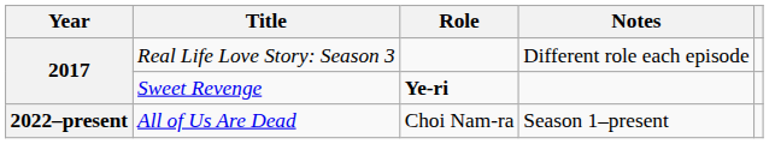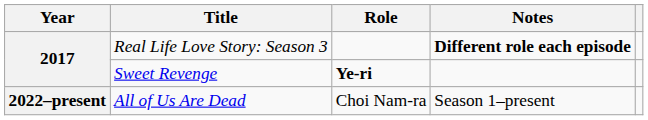 <table class="wikitable plainrowheaders sortable">
 <tr>
 <th scope="col">Year</th>
 <th scope="col">Title</th>
 <th scope="col">Role</th>
 <th scope="col" class="unsortable">Notes</th>
 <th scope="col" class="unsortable"></th>
 </tr>
 <tr>
 <th scope="row" rowspan="2">2017</th>
 <td><em>Real Life Love Story: Season 3</em></td>
 <td></td>
-<td>Different role each episode</td>
+<td><strong>Different role each episode</strong></td>
 <td style="text-align:center"></td>
 </tr>
 <tr>
 <td><em><a href='#'>Sweet Revenge</a></em></td>
 <td><strong>Ye-ri</strong></td>
 <td></td>
 <td style="text-align:center"></td>
 </tr>
 <tr>
 <th scope="row">2022–present</th>
 <td><em><a href='#'>All of Us Are Dead</a></em></td>
 <td>Choi Nam-ra</td>
 <td>Season 1–present</td>
 <td style="text-align:center"><br></td>
 </tr>
 </table>
